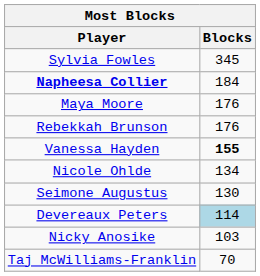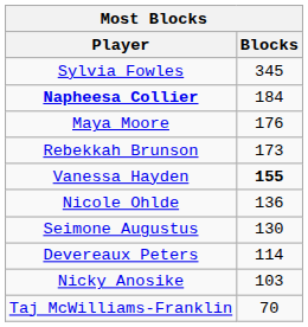 <table class="wikitable sortable" style="text-align:center">
 <tr>
 <th colspan="5">Most Blocks</th>
 </tr>
 <tr>
 <th>Player</th>
 <th>Blocks</th>
 </tr>
 <tr>
 <td><a href='#'>Sylvia Fowles</a></td>
 <td>345</td>
 </tr>
 <tr>
 <td><strong><a href='#'>Napheesa Collier</a></strong></td>
 <td>184</td>
 </tr>
 <tr>
 <td><a href='#'>Maya Moore</a></td>
 <td>176</td>
 </tr>
 <tr>
 <td><a href='#'>Rebekkah Brunson</a></td>
-<td>176</td>
+<td>173</td>
 </tr>
 <tr>
 <td><a href='#'>Vanessa Hayden</a></td>
 <td><strong>155</strong></td>
 </tr>
 <tr>
 <td><a href='#'>Nicole Ohlde</a></td>
-<td>134</td>
+<td>136</td>
 </tr>
 <tr>
 <td><a href='#'>Seimone Augustus</a></td>
 <td>130</td>
 </tr>
 <tr>
 <td><a href='#'>Devereaux Peters</a></td>
-<td style="background: lightblue;">114</td>
+<td>114</td>
 </tr>
 <tr>
 <td><a href='#'>Nicky Anosike</a></td>
 <td>103</td>
 </tr>
 <tr>
 <td><a href='#'>Taj McWilliams-Franklin</a></td>
 <td>70</td>
 </tr>
 </table>
